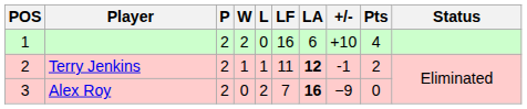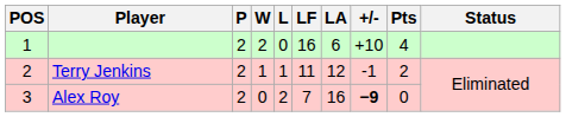 <table class="wikitable" style="text-align:center; margin: 1em auto 1em auto, align:left">
 <tr>
 <th width=20>POS</th>
 <th width=168>Player</th>
 <th width=3>P</th>
 <th width=3>W</th>
 <th width=3>L</th>
 <th width=20>LF</th>
 <th width=20>LA</th>
 <th width=20>+/-</th>
 <th width=20>Pts</th>
 <th width=126>Status</th>
 </tr>
 <tr style="background:#CCFFCC;">
 <td>1</td>
 <td style="text-align:left;"></td>
 <td>2</td>
 <td>2</td>
 <td>0</td>
 <td>16</td>
 <td>6</td>
 <td>+10</td>
 <td>4</td>
 <td rowspan=1></td>
 </tr>
 <tr style="background:#FFCCCC;">
 <td>2</td>
 <td style="text-align:left;"> <a href='#'>Terry Jenkins</a></td>
 <td>2</td>
 <td>1</td>
 <td>1</td>
 <td>11</td>
-<td><strong>12</strong></td>
+<td>12</td>
 <td>-1</td>
 <td>2</td>
 <td rowspan=2>Eliminated</td>
 </tr>
 <tr style="background:#FFCCCC;">
 <td>3</td>
 <td style="text-align:left;"> <a href='#'>Alex Roy</a></td>
 <td>2</td>
 <td>0</td>
 <td>2</td>
 <td>7</td>
-<td><strong>16</strong></td>
-<td>−9</td>
+<td>16</td>
+<td><strong>−9</strong></td>
 <td>0</td>
 </tr>
 </table>
